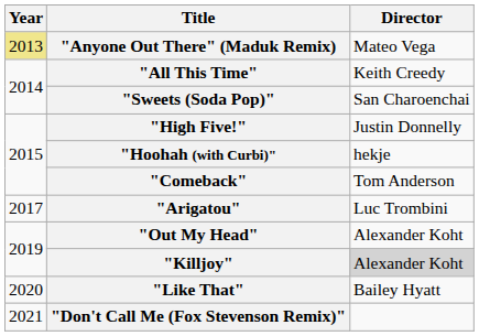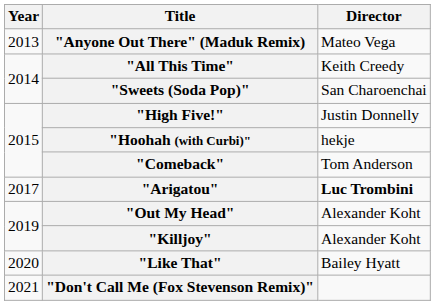 <table class="wikitable plainrowheaders">
 <tr>
 <th>Year</th>
 <th>Title</th>
 <th>Director</th>
 </tr>
 <tr>
-<td style="background: khaki;">2013</td>
+<td>2013</td>
 <th scope="row">"Anyone Out There" (Maduk Remix)</th>
 <td>Mateo Vega</td>
 </tr>
 <tr>
 <td rowspan="2">2014</td>
 <th scope="row">"All This Time"</th>
 <td>Keith Creedy</td>
 </tr>
 <tr>
 <th scope="row">"Sweets (Soda Pop)"</th>
 <td>San Charoenchai</td>
 </tr>
 <tr>
 <td rowspan="3">2015</td>
 <th scope="row">"High Five!"</th>
 <td>Justin Donnelly</td>
 </tr>
 <tr>
 <th scope="row">"Hoohah <small>(with Curbi)"</small></th>
 <td>hekje</td>
 </tr>
 <tr>
 <th scope="row">"Comeback"</th>
 <td>Tom Anderson</td>
 </tr>
 <tr>
 <td>2017</td>
 <th scope="row">"Arigatou"</th>
-<td>Luc Trombini</td>
+<td><strong>Luc Trombini</strong></td>
 </tr>
 <tr>
 <td rowspan="2">2019</td>
 <th scope="row">"Out My Head"</th>
 <td>Alexander Koht</td>
 </tr>
 <tr>
 <th scope="row">"Killjoy"</th>
-<td style="background: lightgrey;">Alexander Koht</td>
+<td>Alexander Koht</td>
 </tr>
 <tr>
 <td>2020</td>
 <th scope="row">"Like That"</th>
 <td>Bailey Hyatt</td>
 </tr>
 <tr>
 <td>2021</td>
 <th scope="row">"Don't Call Me (Fox Stevenson Remix)"</th>
 <td></td>
 </tr>
 </table>
